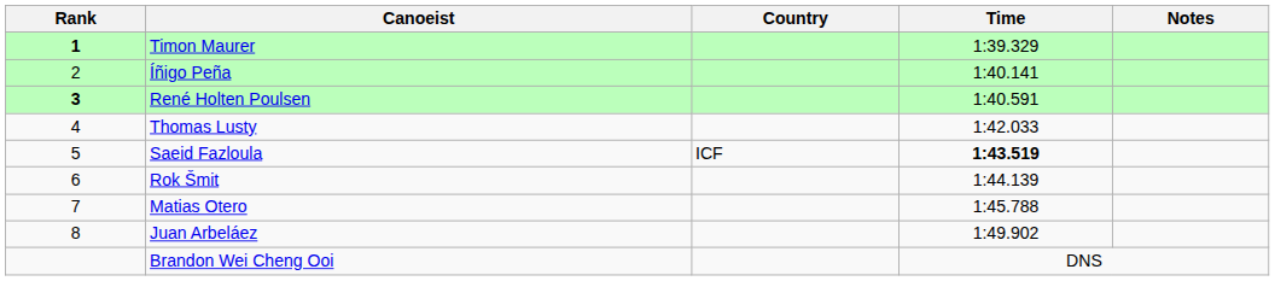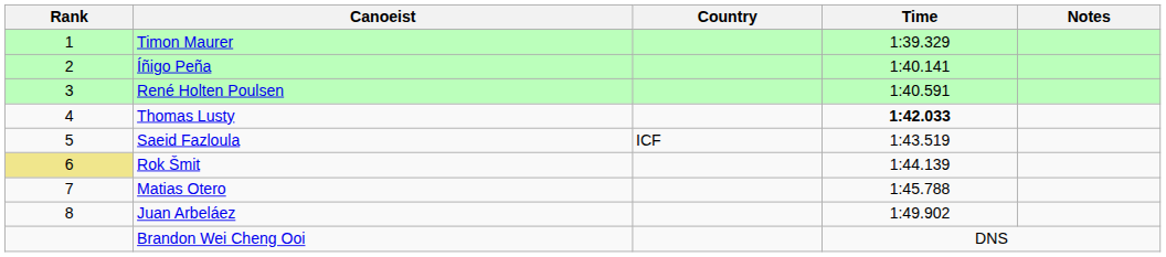 <table class="wikitable" style="text-align:center;width: 60%">
 <tr>
 <th>Rank</th>
 <th>Canoeist</th>
 <th>Country</th>
 <th>Time</th>
 <th>Notes</th>
 </tr>
 <tr bgcolor=bbffbb>
-<td><strong>1</strong></td>
+<td>1</td>
 <td align="left"><a href='#'>Timon Maurer</a></td>
 <td align="left"></td>
 <td>1:39.329</td>
 <td></td>
 </tr>
 <tr bgcolor=bbffbb>
 <td>2</td>
 <td align="left"><a href='#'>Íñigo Peña</a></td>
 <td align="left"></td>
 <td>1:40.141</td>
 <td></td>
 </tr>
 <tr bgcolor=bbffbb>
-<td><strong>3</strong></td>
+<td>3</td>
 <td align="left"><a href='#'>René Holten Poulsen</a></td>
 <td align="left"></td>
 <td>1:40.591</td>
 <td></td>
 </tr>
 <tr>
 <td>4</td>
 <td align="left"><a href='#'>Thomas Lusty</a></td>
 <td align="left"></td>
-<td>1:42.033</td>
+<td><strong>1:42.033</strong></td>
 <td></td>
 </tr>
 <tr>
 <td>5</td>
 <td align="left"><a href='#'>Saeid Fazloula</a></td>
 <td align="left">ICF</td>
-<td><strong>1:43.519</strong></td>
+<td>1:43.519</td>
 <td></td>
 </tr>
 <tr>
-<td>6</td>
+<td style="background: khaki;">6</td>
 <td align="left"><a href='#'>Rok Šmit</a></td>
 <td align="left"></td>
 <td>1:44.139</td>
 <td></td>
 </tr>
 <tr>
 <td>7</td>
 <td align="left"><a href='#'>Matias Otero</a></td>
 <td align="left"></td>
 <td>1:45.788</td>
 <td></td>
 </tr>
 <tr>
 <td>8</td>
 <td align="left"><a href='#'>Juan Arbeláez</a></td>
 <td align="left"></td>
 <td>1:49.902</td>
 <td></td>
 </tr>
 <tr>
 <td></td>
 <td align="left"><a href='#'>Brandon Wei Cheng Ooi</a></td>
 <td align="left"></td>
 <td colspan=2>DNS</td>
 </tr>
 </table>
